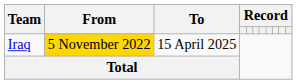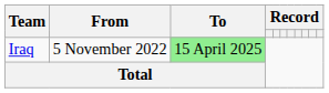 <table class="wikitable" style="text-align: center">
 <tr>
 <th rowspan="2">Team</th>
 <th rowspan="2">From</th>
 <th rowspan="2">To</th>
 <th colspan="8">Record</th>
 </tr>
 <tr>
 <th></th>
 <th></th>
 <th></th>
 <th></th>
 <th></th>
 <th></th>
 <th></th>
 <th></th>
 </tr>
 <tr>
 <td align="left"><a href='#'>Iraq</a></td>
-<td align="left" style="background: gold;">5 November 2022</td>
-<td align="left">15 April 2025<br></td>
+<td align="left">5 November 2022</td>
+<td align="left" style="background: lightgreen;">15 April 2025<br></td>
 </tr>
 <tr>
 <th colspan="3">Total<br></th>
 </tr>
 </table>
